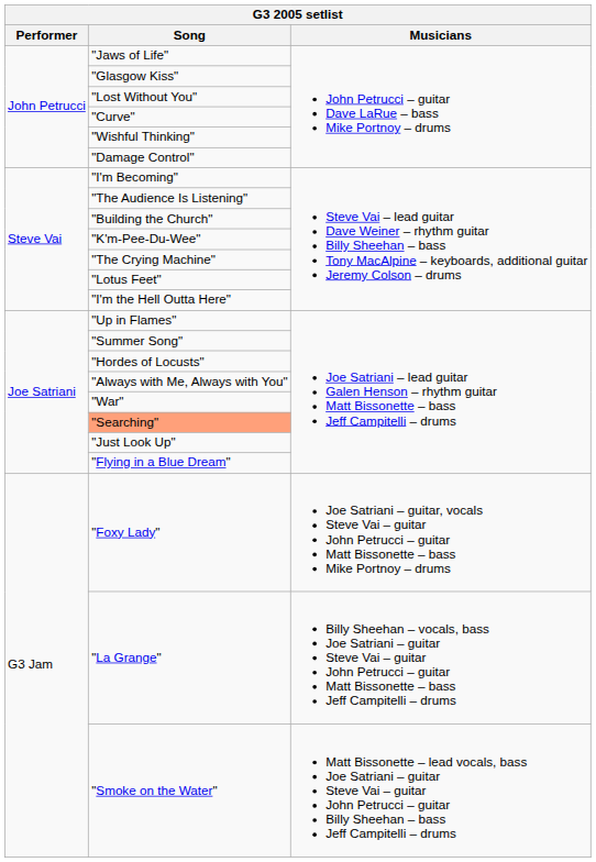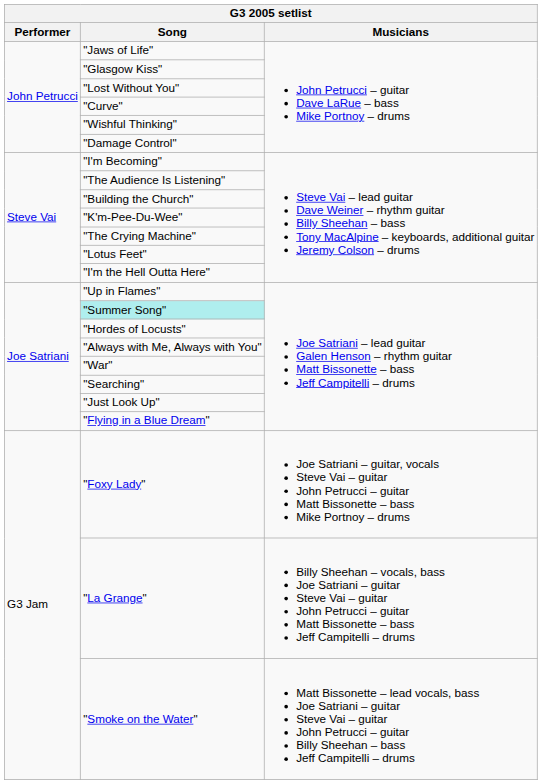 <table class="wikitable collapsible collapsed">
 <tr>
 <th colspan="3">G3 2005 setlist</th>
 </tr>
 <tr>
 <th>Performer</th>
 <th>Song</th>
 <th>Musicians</th>
 </tr>
 <tr>
 <td rowspan=6><a href='#'>John Petrucci</a></td>
 <td>"Jaws of Life"</td>
 <td rowspan=6><br><ul><li><a href='#'>John Petrucci</a> – guitar</li><li><a href='#'>Dave LaRue</a> – bass</li><li><a href='#'>Mike Portnoy</a> – drums</li></ul></td>
 </tr>
 <tr>
 <td>"Glasgow Kiss"</td>
 </tr>
 <tr>
 <td>"Lost Without You"</td>
 </tr>
 <tr>
 <td>"Curve"</td>
 </tr>
 <tr>
 <td>"Wishful Thinking"</td>
 </tr>
 <tr>
 <td>"Damage Control"</td>
 </tr>
 <tr>
 <td rowspan=7><a href='#'>Steve Vai</a></td>
 <td>"I'm Becoming"</td>
 <td rowspan=7><br><ul><li><a href='#'>Steve Vai</a> – lead guitar</li><li><a href='#'>Dave Weiner</a> – rhythm guitar</li><li><a href='#'>Billy Sheehan</a> – bass</li><li><a href='#'>Tony MacAlpine</a> – keyboards, additional guitar</li><li><a href='#'>Jeremy Colson</a> – drums</li></ul></td>
 </tr>
 <tr>
 <td>"The Audience Is Listening"</td>
 </tr>
 <tr>
 <td>"Building the Church"</td>
 </tr>
 <tr>
 <td>"K'm-Pee-Du-Wee"</td>
 </tr>
 <tr>
 <td>"The Crying Machine"</td>
 </tr>
 <tr>
 <td>"Lotus Feet"</td>
 </tr>
 <tr>
 <td>"I'm the Hell Outta Here"</td>
 </tr>
 <tr>
 <td rowspan=8><a href='#'>Joe Satriani</a></td>
 <td>"Up in Flames"</td>
 <td rowspan=8><br><ul><li><a href='#'>Joe Satriani</a> – lead guitar</li><li><a href='#'>Galen Henson</a> – rhythm guitar</li><li><a href='#'>Matt Bissonette</a> – bass</li><li><a href='#'>Jeff Campitelli</a> – drums</li></ul></td>
 </tr>
 <tr>
-<td>"Summer Song"</td>
+<td style="background: paleturquoise;">"Summer Song"</td>
 </tr>
 <tr>
 <td>"Hordes of Locusts"</td>
 </tr>
 <tr>
 <td>"Always with Me, Always with You"</td>
 </tr>
 <tr>
 <td>"War"</td>
 </tr>
 <tr>
-<td style="background: lightsalmon;">"Searching"</td>
+<td>"Searching"</td>
 </tr>
 <tr>
 <td>"Just Look Up"</td>
 </tr>
 <tr>
 <td>"<a href='#'>Flying in a Blue Dream</a>"</td>
 </tr>
 <tr>
 <td rowspan=3>G3 Jam</td>
 <td>"<a href='#'>Foxy Lady</a>"</td>
 <td><br><ul><li>Joe Satriani – guitar, vocals</li><li>Steve Vai – guitar</li><li>John Petrucci – guitar</li><li>Matt Bissonette – bass</li><li>Mike Portnoy – drums</li></ul></td>
 </tr>
 <tr>
 <td>"<a href='#'>La Grange</a>"</td>
 <td><br><ul><li>Billy Sheehan – vocals, bass</li><li>Joe Satriani – guitar</li><li>Steve Vai – guitar</li><li>John Petrucci – guitar</li><li>Matt Bissonette – bass</li><li>Jeff Campitelli – drums</li></ul></td>
 </tr>
 <tr>
 <td>"<a href='#'>Smoke on the Water</a>"</td>
 <td><br><ul><li>Matt Bissonette – lead vocals, bass</li><li>Joe Satriani – guitar</li><li>Steve Vai – guitar</li><li>John Petrucci – guitar</li><li>Billy Sheehan – bass</li><li>Jeff Campitelli – drums</li></ul></td>
 </tr>
 </table>
